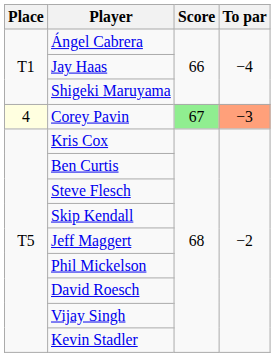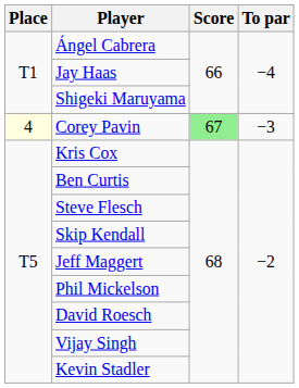 <table class="wikitable">
 <tr>
 <th>Place</th>
 <th>Player</th>
 <th>Score</th>
 <th>To par</th>
 </tr>
 <tr>
 <td rowspan="3" align=center>T1</td>
 <td> <a href='#'>Ángel Cabrera</a></td>
 <td rowspan="3" align=center>66</td>
 <td rowspan="3" align=center>−4</td>
 </tr>
 <tr>
 <td> <a href='#'>Jay Haas</a></td>
 </tr>
 <tr>
 <td> <a href='#'>Shigeki Maruyama</a></td>
 </tr>
 <tr>
 <td align=center style="background: lightyellow;">4</td>
 <td> <a href='#'>Corey Pavin</a></td>
 <td align=center style="background: lightgreen;">67</td>
-<td align=center style="background: lightsalmon;">−3</td>
+<td align=center>−3</td>
 </tr>
 <tr>
 <td rowspan="9" align=center>T5</td>
 <td> <a href='#'>Kris Cox</a></td>
 <td rowspan="9" align=center>68</td>
 <td rowspan="9" align=center>−2</td>
 </tr>
 <tr>
 <td> <a href='#'>Ben Curtis</a></td>
 </tr>
 <tr>
 <td> <a href='#'>Steve Flesch</a></td>
 </tr>
 <tr>
 <td> <a href='#'>Skip Kendall</a></td>
 </tr>
 <tr>
 <td> <a href='#'>Jeff Maggert</a></td>
 </tr>
 <tr>
 <td> <a href='#'>Phil Mickelson</a></td>
 </tr>
 <tr>
 <td> <a href='#'>David Roesch</a></td>
 </tr>
 <tr>
 <td> <a href='#'>Vijay Singh</a></td>
 </tr>
 <tr>
 <td> <a href='#'>Kevin Stadler</a></td>
 </tr>
 </table>
